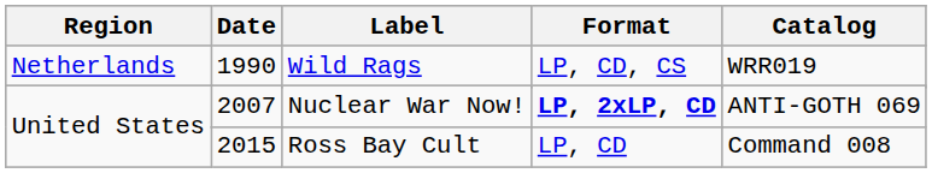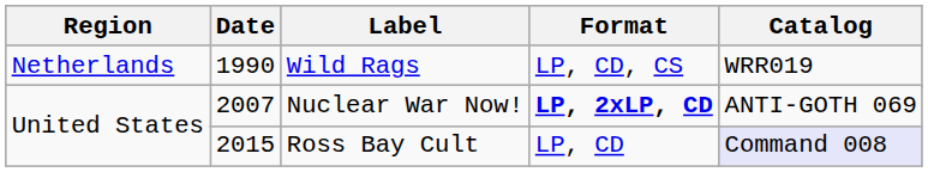 <table class="wikitable">
 <tr>
 <th>Region</th>
 <th>Date</th>
 <th>Label</th>
 <th>Format</th>
 <th>Catalog</th>
 </tr>
 <tr>
 <td><a href='#'>Netherlands</a></td>
 <td rowspan="2">1990</td>
 <td rowspan="2"><a href='#'>Wild Rags</a></td>
 <td rowspan="2"><a href='#'>LP</a>, <a href='#'>CD</a>, <a href='#'>CS</a></td>
 <td rowspan="2">WRR019</td>
 </tr>
 <tr>
 <td rowspan="4">United States</td>
 </tr>
 <tr>
 <td>2007</td>
 <td rowspan="2">Nuclear War Now!</td>
 <td><strong><a href='#'>LP</a>, <a href='#'>2xLP</a>, <a href='#'>CD</a></strong></td>
 <td rowspan="2">ANTI-GOTH 069</td>
 </tr>
 <tr>
 <td rowspan="3">2015</td>
 <td rowspan="3"><a href='#'>LP</a>, <a href='#'>CD</a></td>
 </tr>
 <tr>
 <td>Ross Bay Cult</td>
-<td>Command 008</td>
+<td style="background: lavender;">Command 008</td>
 </tr>
 </table>
